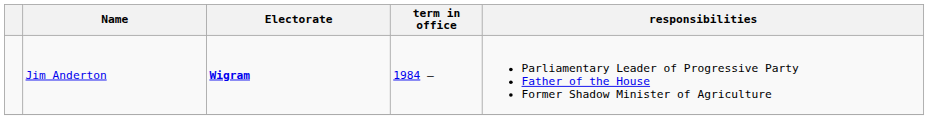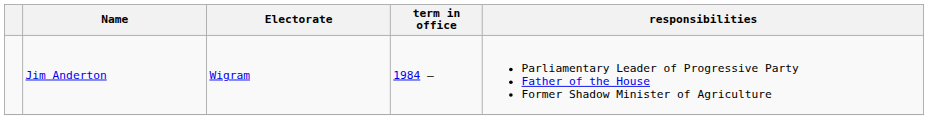 <table class="wikitable" width="80%" style="font-size: 95%;">
 <tr>
 <th width=2%></th>
 <th width=20%>Name</th>
 <th width=20%>Electorate</th>
 <th width=10%>term in office</th>
 <th width=48%>responsibilities</th>
 </tr>
 <tr>
 <td></td>
 <td><a href='#'>Jim Anderton</a></td>
-<td><strong><a href='#'>Wigram</a></strong></td>
+<td><a href='#'>Wigram</a></td>
 <td><a href='#'>1984</a> –</td>
 <td><br><ul><li>Parliamentary Leader of Progressive Party</li><li><a href='#'>Father of the House</a></li><li>Former Shadow Minister of Agriculture</li></ul></td>
 </tr>
 <tr>
 </tr>
 </table>
